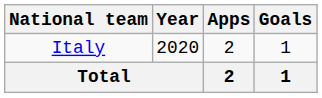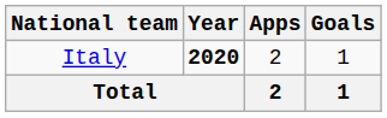 <table class="wikitable" style="text-align:center">
 <tr>
 <th>National team</th>
 <th>Year</th>
 <th>Apps</th>
 <th>Goals</th>
 </tr>
 <tr>
 <td><a href='#'>Italy</a></td>
-<td>2020</td>
+<td><strong>2020</strong></td>
 <td>2</td>
 <td>1</td>
 </tr>
 <tr>
 <th colspan="2">Total</th>
 <th>2</th>
 <th>1</th>
 </tr>
 </table>
